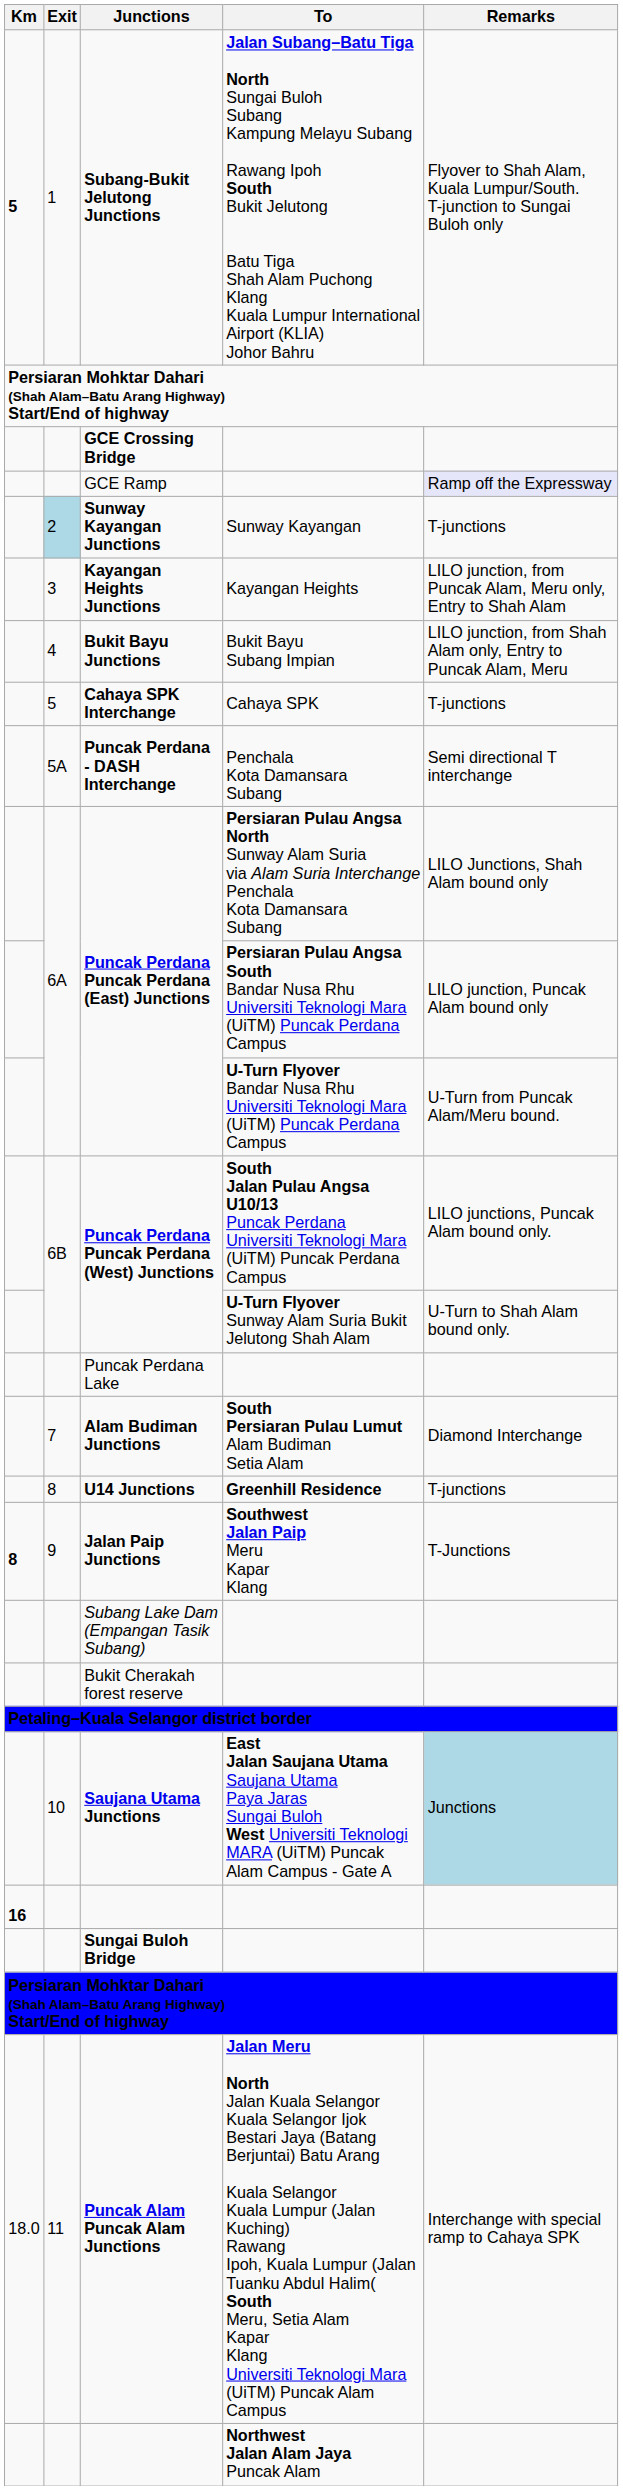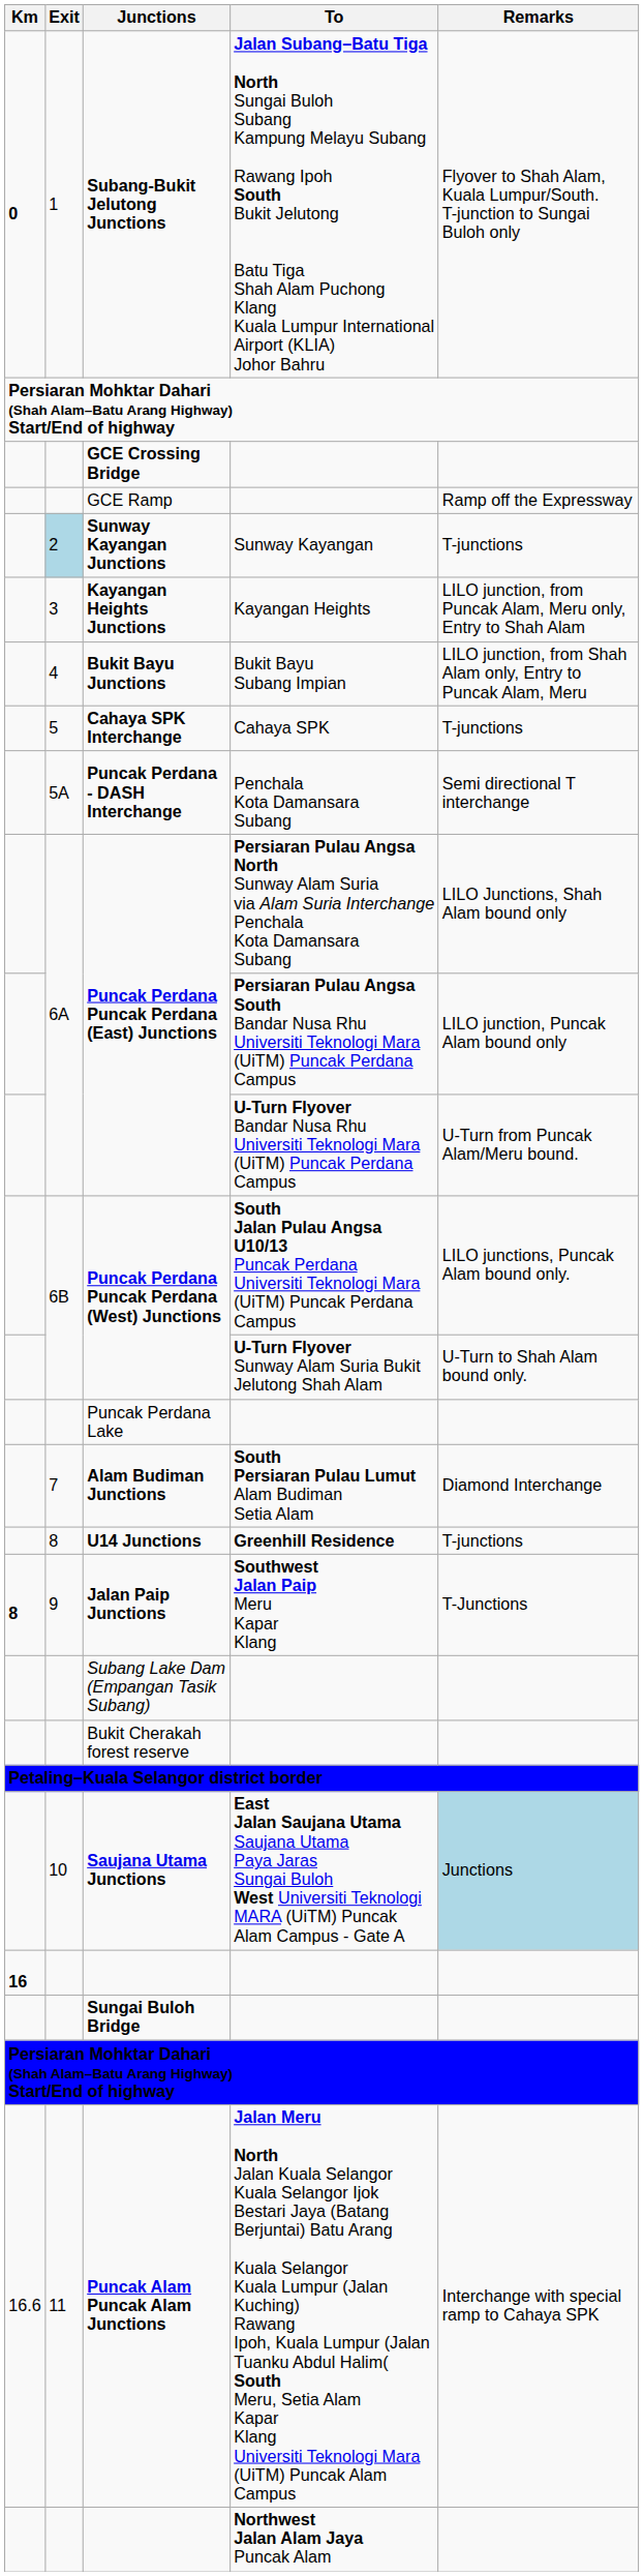 <table class="wikitable">
 <tr>
 <th>Km</th>
 <th>Exit</th>
 <th>Junctions</th>
 <th>To</th>
 <th>Remarks</th>
 </tr>
 <tr>
-<td><br><strong>5</strong></td>
+<td><br><strong>0</strong></td>
 <td>1</td>
 <td><strong>Subang-Bukit Jelutong Junctions</strong></td>
 <td>  <strong><a href='#'>Jalan Subang–Batu Tiga</a></strong><br><br><strong>North</strong><br>Sungai Buloh<br>Subang<br>Kampung Melayu Subang<br><strong></strong><br>Rawang <strong></strong> <strong></strong> Ipoh<br><strong>South</strong><br>Bukit Jelutong<br><br><strong></strong><br>Batu Tiga<br>Shah Alam Puchong <br><strong></strong> Klang <br><strong></strong> <strong></strong> Kuala Lumpur International Airport (KLIA) <br><strong></strong> <strong></strong> Johor Bahru</td>
 <td>Flyover to Shah Alam, Kuala Lumpur/South.<br>T-junction to Sungai Buloh only</td>
 </tr>
 <tr>
 <td style="width:600px" colspan="6" style="text-align:center"><strong> Persiaran Mohktar Dahari<br><small>(Shah Alam–Batu Arang Highway)</small><br>Start/End of highway</strong></td>
 </tr>
 <tr>
 <td></td>
 <td></td>
 <td><strong>GCE Crossing Bridge</strong></td>
 <td></td>
 <td></td>
 </tr>
 <tr>
 <td></td>
 <td></td>
 <td>GCE Ramp</td>
 <td></td>
-<td style="background: lavender;">Ramp off the Expressway</td>
+<td>Ramp off the Expressway</td>
 </tr>
 <tr>
 <td></td>
 <td style="background: lightblue;">2</td>
 <td><strong>Sunway Kayangan Junctions</strong></td>
 <td>Sunway Kayangan</td>
 <td>T-junctions</td>
 </tr>
 <tr>
 <td></td>
 <td>3</td>
 <td><strong>Kayangan Heights Junctions</strong></td>
 <td>Kayangan Heights</td>
 <td>LILO junction, from Puncak Alam, Meru only, Entry to Shah Alam</td>
 </tr>
 <tr>
 <td></td>
 <td>4</td>
 <td><strong>Bukit Bayu Junctions</strong></td>
 <td>Bukit Bayu <br> Subang Impian</td>
 <td>LILO junction, from Shah Alam only, Entry to Puncak Alam, Meru</td>
 </tr>
 <tr>
 <td></td>
 <td>5</td>
 <td><strong>Cahaya SPK Interchange</strong></td>
 <td>Cahaya SPK</td>
 <td>T-junctions</td>
 </tr>
 <tr>
 <td></td>
 <td>5A</td>
 <td><strong>Puncak Perdana - DASH Interchange</strong></td>
 <td><strong><br></strong>Penchala<br>Kota Damansara<br>Subang</td>
 <td>Semi directional T interchange</td>
 </tr>
 <tr>
 <td></td>
 <td rowspan="3">6A</td>
 <td rowspan="3"><strong><a href='#'>Puncak Perdana</a></strong><br><strong>Puncak Perdana (East) Junctions</strong></td>
 <td><strong>Persiaran Pulau Angsa</strong><br><strong>North</strong><br>Sunway Alam Suria<br><strong></strong> via <em>Alam Suria Interchange</em><br> Penchala<br>Kota Damansara<br>Subang</td>
 <td>LILO Junctions, Shah Alam bound only</td>
 </tr>
 <tr>
 <td></td>
 <td><strong>Persiaran Pulau Angsa</strong><br><strong>South</strong><br>Bandar Nusa Rhu  <a href='#'>Universiti Teknologi Mara</a> (UiTM) <a href='#'>Puncak Perdana</a> Campus</td>
 <td>LILO junction, Puncak Alam bound only</td>
 </tr>
 <tr>
 <td></td>
 <td><strong>U-Turn Flyover</strong><br>Bandar Nusa Rhu  <a href='#'>Universiti Teknologi Mara</a> (UiTM) <a href='#'>Puncak Perdana</a> Campus</td>
 <td>U-Turn from Puncak Alam/Meru bound.</td>
 </tr>
 <tr>
 <td></td>
 <td rowspan="2">6B</td>
 <td rowspan="2"><strong><a href='#'>Puncak Perdana</a></strong><br><strong>Puncak Perdana (West) Junctions</strong></td>
 <td><strong>South</strong><br><strong>Jalan Pulau Angsa U10/13</strong><br><a href='#'>Puncak Perdana</a><br><a href='#'>Universiti Teknologi Mara</a> (UiTM) Puncak Perdana Campus</td>
 <td>LILO junctions, Puncak Alam bound only.</td>
 </tr>
 <tr>
 <td></td>
 <td><strong>U-Turn Flyover</strong><br>Sunway Alam Suria Bukit Jelutong Shah Alam</td>
 <td>U-Turn to Shah Alam bound only.</td>
 </tr>
 <tr>
 <td></td>
 <td></td>
 <td>Puncak Perdana Lake</td>
 <td></td>
 <td></td>
 </tr>
 <tr>
 <td></td>
 <td>7</td>
 <td><strong>Alam Budiman Junctions</strong></td>
 <td><strong>South</strong><br><strong>Persiaran Pulau Lumut</strong><br>Alam Budiman<br>Setia Alam</td>
 <td>Diamond Interchange</td>
 </tr>
 <tr>
 <td></td>
 <td>8</td>
 <td><strong> U14 Junctions</strong></td>
 <td><strong>Greenhill Residence</strong></td>
 <td>T-junctions</td>
 </tr>
 <tr>
 <td><br><strong>8</strong></td>
 <td>9</td>
 <td><strong>Jalan Paip Junctions</strong></td>
 <td><strong>Southwest</strong><br><strong><a href='#'>Jalan Paip</a></strong><br>Meru<br>Kapar<br> Klang</td>
 <td>T-Junctions</td>
 </tr>
 <tr>
 <td></td>
 <td></td>
 <td><em>Subang Lake Dam</em><br><em>(Empangan Tasik Subang)</em></td>
 <td></td>
 <td></td>
 </tr>
 <tr>
 <td></td>
 <td></td>
 <td Bukit Cherakah>Bukit Cherakah forest reserve</td>
 <td></td>
 <td></td>
 </tr>
 <tr>
 <td style="width:600px" colspan="6" style="text-align:center" bgcolor="blue"><strong><span>Petaling–Kuala Selangor district border</span></strong></td>
 </tr>
 <tr>
 <td></td>
 <td>10</td>
 <td><strong><a href='#'>Saujana Utama</a> Junctions</strong></td>
 <td><strong>East</strong><br><strong>Jalan Saujana Utama</strong><br><a href='#'>Saujana Utama</a><br> <a href='#'>Paya Jaras</a><br> <a href='#'>Sungai Buloh</a><br><strong>West</strong> <a href='#'>Universiti Teknologi MARA</a> (UiTM) Puncak Alam Campus - Gate A</td>
 <td style="background: lightblue;">Junctions</td>
 </tr>
 <tr>
 <td><br><strong>16</strong></td>
 <td></td>
 <td></td>
 <td></td>
 <td></td>
 </tr>
 <tr>
 <td></td>
 <td></td>
 <td><strong>Sungai Buloh Bridge</strong></td>
 <td></td>
 <td></td>
 </tr>
 <tr>
 <td style="width:600px" colspan="6" style="text-align:center" bgcolor="blue"><span><strong> Persiaran Mohktar Dahari<br><small>(Shah Alam–Batu Arang Highway)</small><br>Start/End of highway</strong></span></td>
 </tr>
 <tr>
-<td>18.0</td>
+<td>16.6</td>
 <td>11</td>
 <td><strong><a href='#'>Puncak Alam</a></strong><br><strong>Puncak Alam Junctions</strong></td>
 <td> <strong><a href='#'>Jalan Meru</a></strong><br><br><strong>North</strong><br> Jalan Kuala Selangor<br>Kuala Selangor Ijok Bestari Jaya (Batang Berjuntai) Batu Arang <br><strong></strong><br> Kuala Selangor<br> Kuala Lumpur (Jalan Kuching)<br> Rawang<br>  Ipoh, Kuala Lumpur (Jalan Tuanku Abdul Halim(<br><strong>South</strong><br> Meru, Setia Alam<br> Kapar<br> Klang<br><a href='#'>Universiti Teknologi Mara</a> (UiTM) Puncak Alam Campus</td>
 <td>Interchange with special ramp to Cahaya SPK</td>
 </tr>
 <tr>
 <td></td>
 <td></td>
 <td></td>
 <td><strong>Northwest</strong><br><strong>Jalan Alam Jaya</strong><br>Puncak Alam</td>
 <td></td>
 </tr>
 </table>
